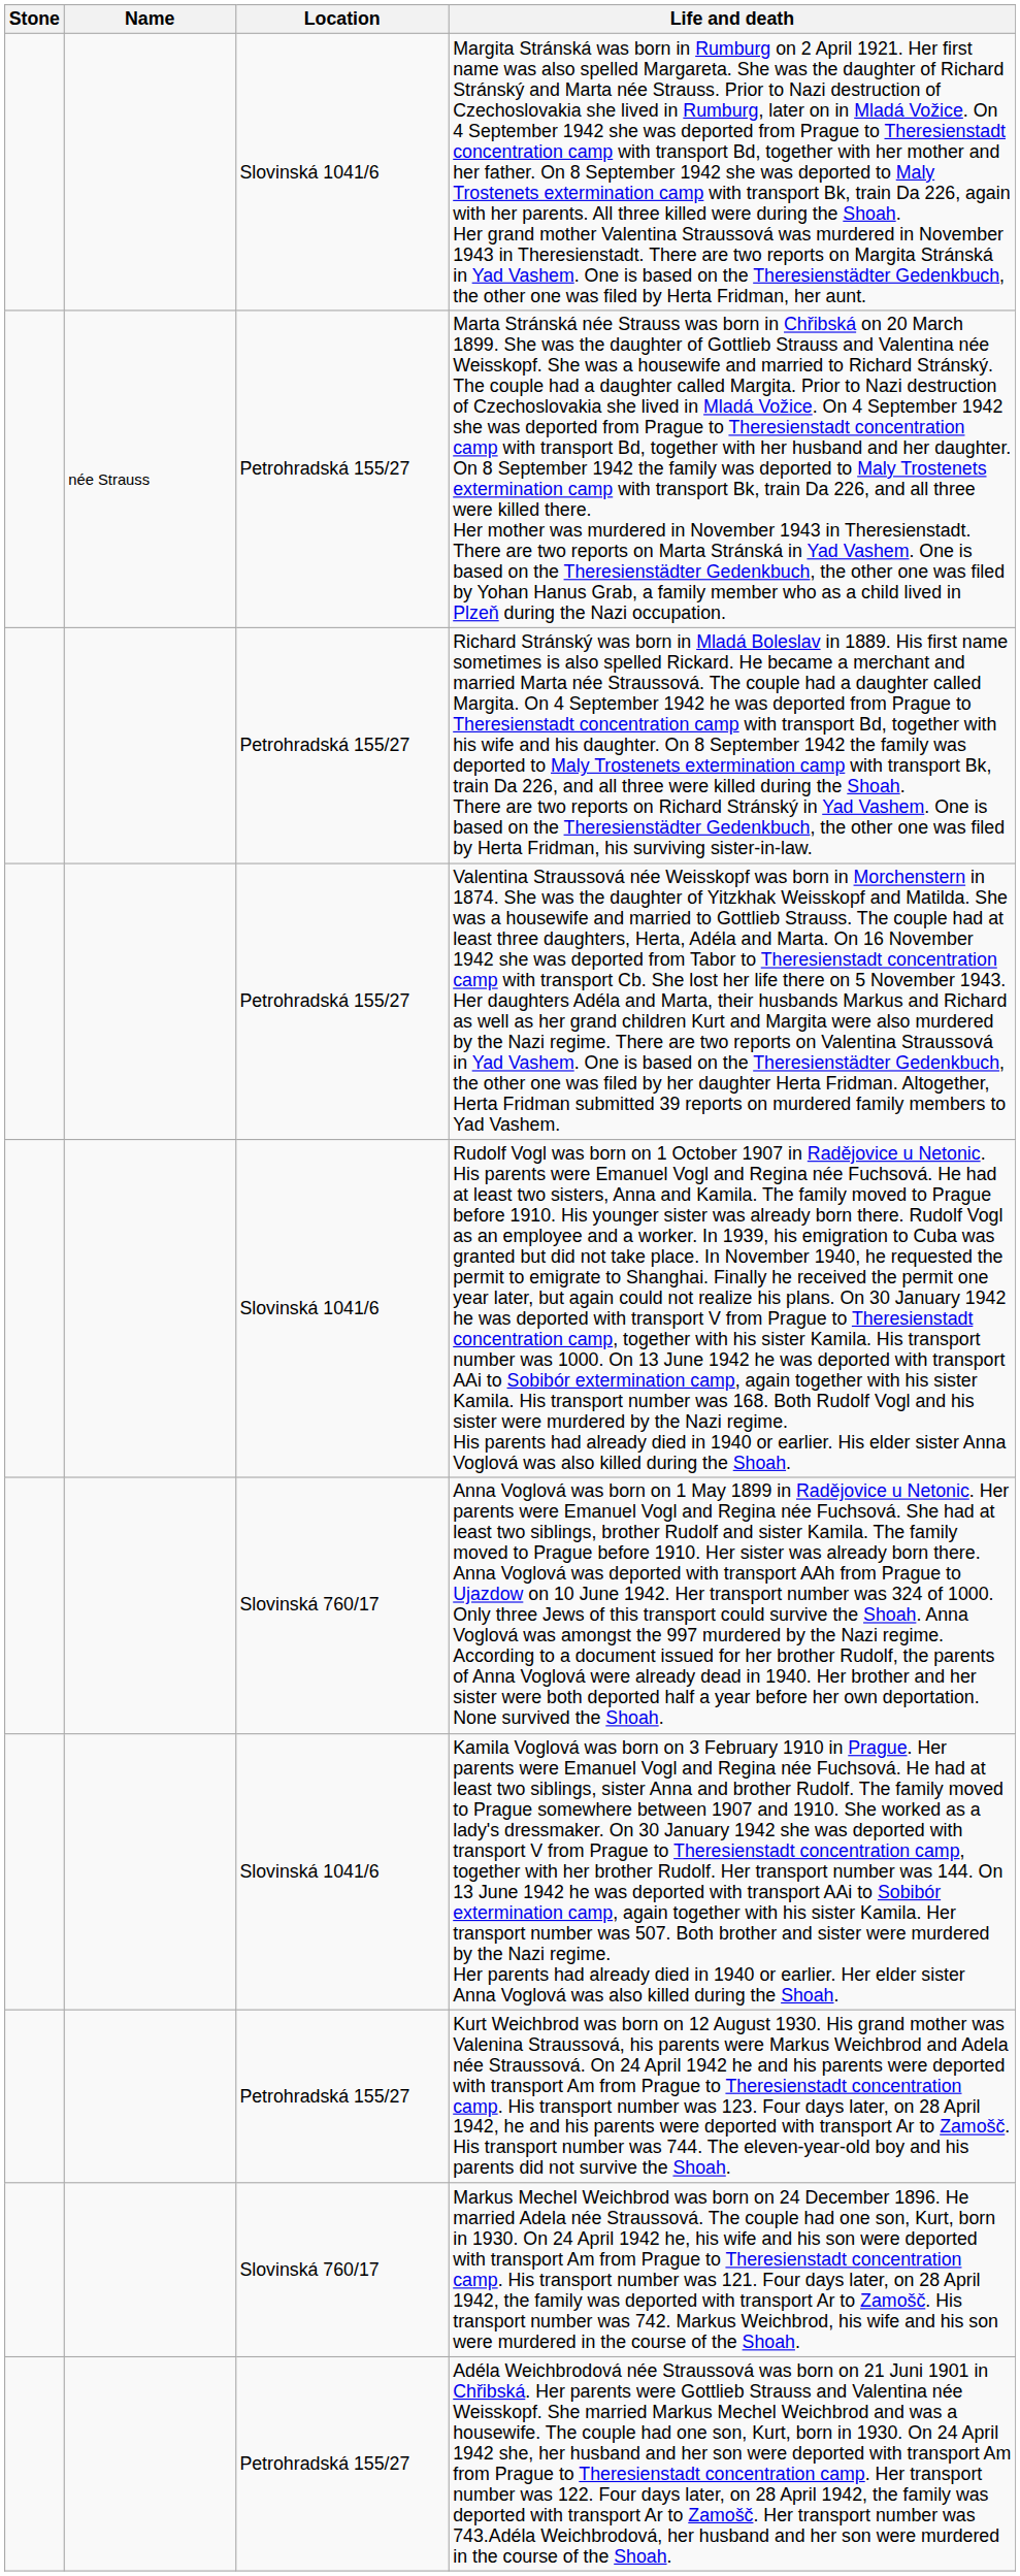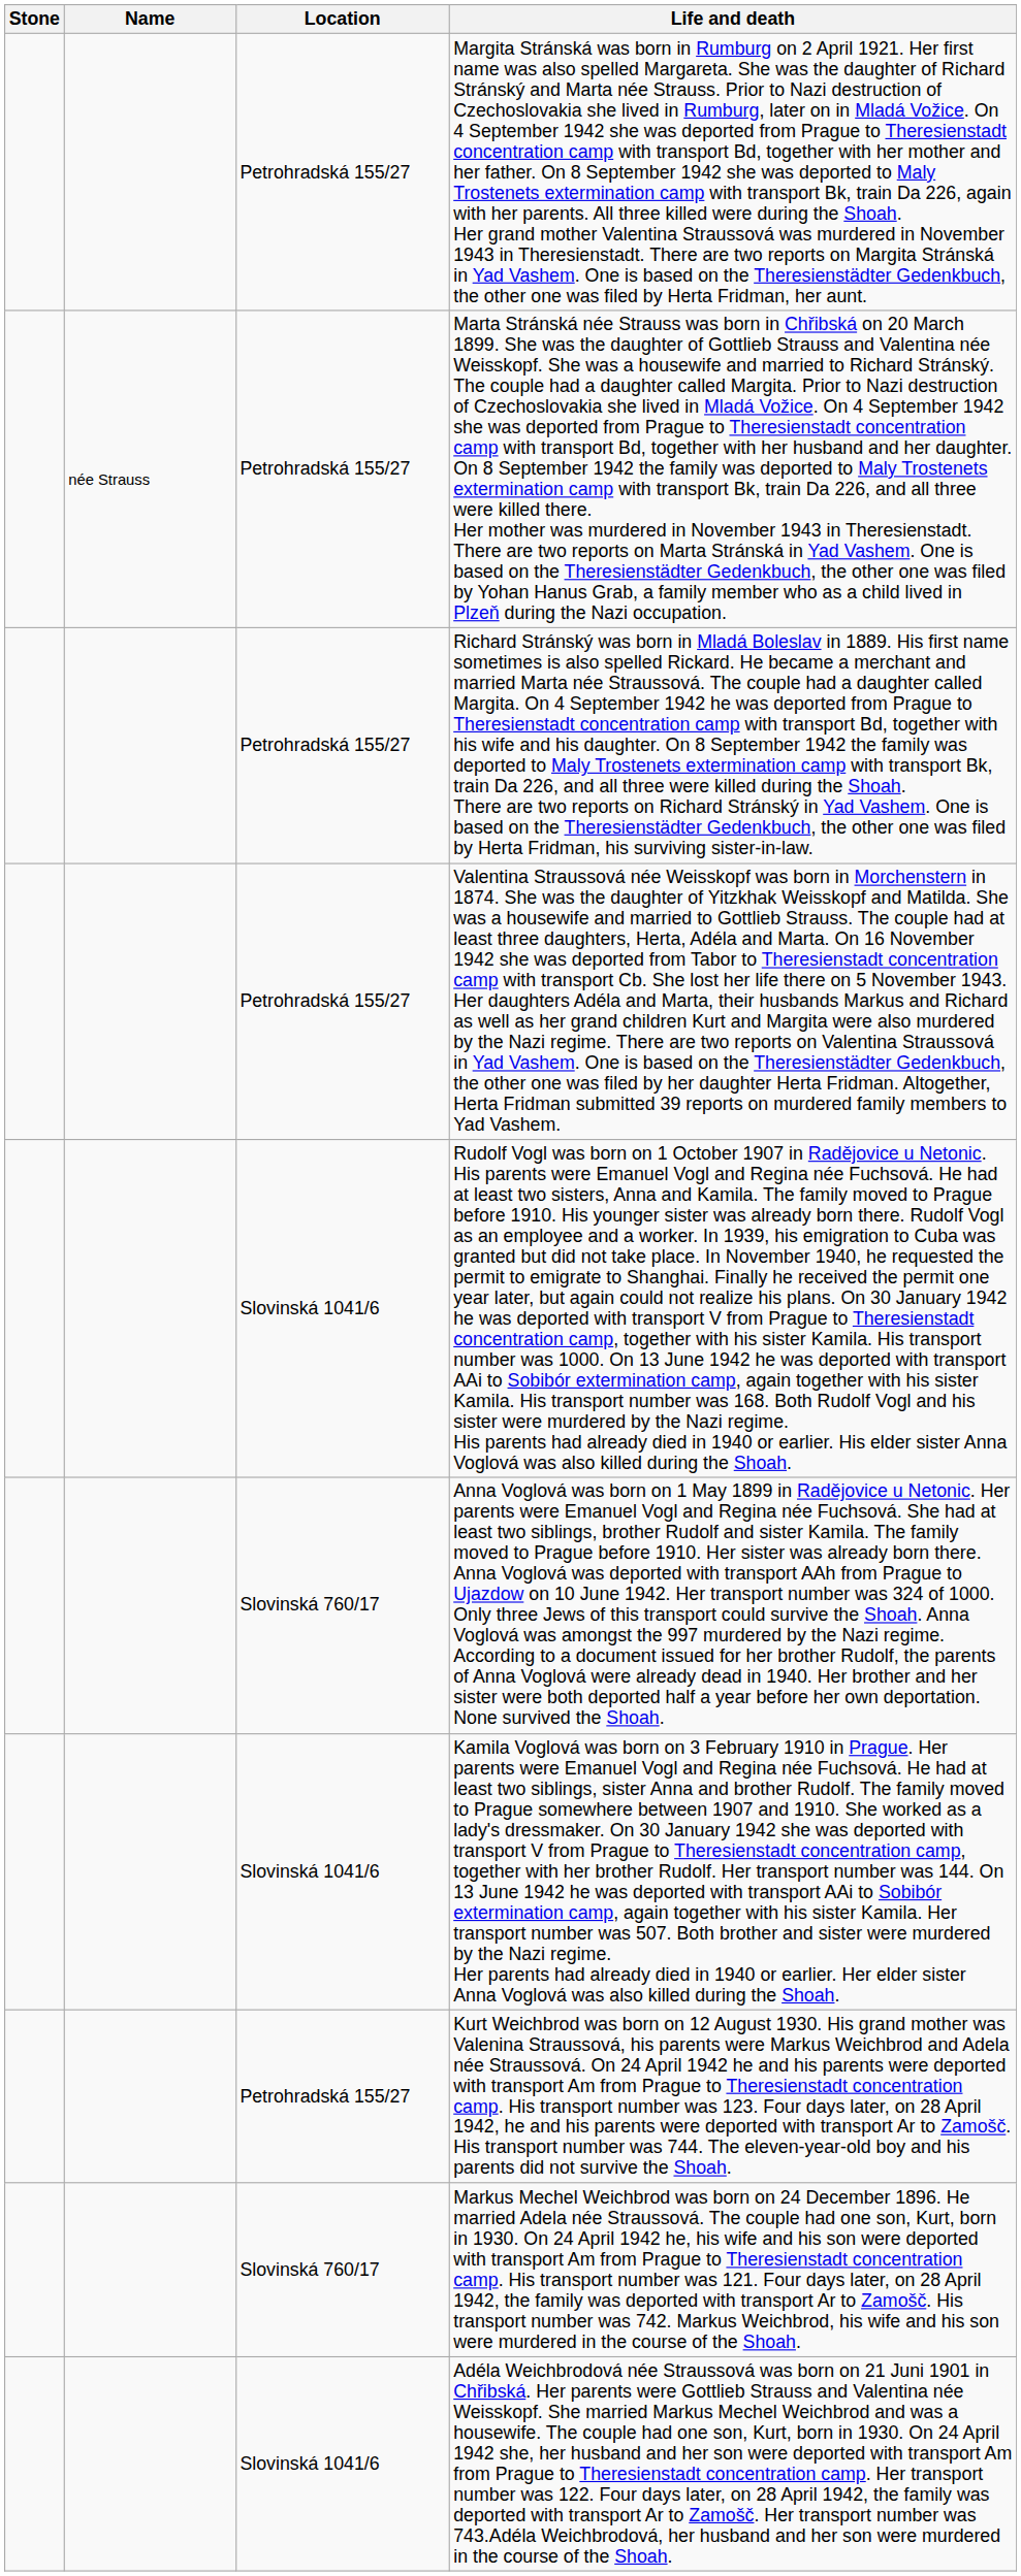 <table class="wikitable sortable toptextcells" style="width:100%">
 <tr>
 <th class="hintergrundfarbe6 unsortable" width="120px">Stone</th>
 <th class="hintergrundfarbe6" style ="width:18%;">Name</th>
 <th class="hintergrundfarbe6" data-sort-type="text" style ="width:22%;">Location</th>
 <th class="hintergrundfarbe6 unsortable" style="width:100%;">Life and death</th>
 </tr>
 <tr>
 <td></td>
 <td></td>
-<td>Slovinská 1041/6<br></td>
+<td>Petrohradská 155/27<br></td>
 <td>Margita Stránská was born in <a href='#'>Rumburg</a> on 2 April 1921. Her first name was also spelled Margareta. She was the daughter of Richard Stránský and Marta née Strauss. Prior to Nazi destruction of Czechoslovakia she lived in <a href='#'>Rumburg</a>, later on in <a href='#'>Mladá Vožice</a>. On 4 September 1942 she was deported from Prague to <a href='#'>Theresienstadt concentration camp</a> with transport Bd, together with her mother and her father. On 8 September 1942 she was deported to <a href='#'>Maly Trostenets extermination camp</a> with transport Bk, train Da 226, again with her parents. All three killed were during the <a href='#'>Shoah</a>.<br>Her grand mother Valentina Straussová was murdered in November 1943 in Theresienstadt. There are two reports on Margita Stránská in <a href='#'>Yad Vashem</a>. One is based on the <a href='#'>Theresienstädter Gedenkbuch</a>, the other one was filed by Herta Fridman, her aunt.</td>
 </tr>
 <tr>
 <td></td>
 <td><br><small>née Strauss</small></td>
 <td>Petrohradská 155/27<br></td>
 <td>Marta Stránská née Strauss was born in <a href='#'>Chřibská</a> on 20 March 1899. She was the daughter of Gottlieb Strauss and Valentina née Weisskopf. She was a housewife and married to Richard Stránský. The couple had a daughter called Margita. Prior to Nazi destruction of Czechoslovakia she lived in <a href='#'>Mladá Vožice</a>. On 4 September 1942 she was deported from Prague to <a href='#'>Theresienstadt concentration camp</a> with transport Bd, together with her husband and her daughter. On 8 September 1942 the family was deported to <a href='#'>Maly Trostenets extermination camp</a> with transport Bk, train Da 226, and all three were killed there.<br>Her mother was murdered in November 1943 in Theresienstadt. There are two reports on Marta Stránská in <a href='#'>Yad Vashem</a>. One is based on the <a href='#'>Theresienstädter Gedenkbuch</a>, the other one was filed by Yohan Hanus Grab, a family member who as a child lived in <a href='#'>Plzeň</a> during the Nazi occupation.</td>
 </tr>
 <tr>
 <td></td>
 <td></td>
 <td>Petrohradská 155/27<br></td>
 <td>Richard Stránský was born in <a href='#'>Mladá Boleslav</a> in 1889. His first name sometimes is also spelled Rickard. He became a merchant and married Marta née Straussová. The couple had a daughter called Margita. On 4 September 1942 he was deported from Prague to <a href='#'>Theresienstadt concentration camp</a> with transport Bd, together with his wife and his daughter. On 8 September 1942 the family was deported to <a href='#'>Maly Trostenets extermination camp</a> with transport Bk, train Da 226, and all three were killed during the <a href='#'>Shoah</a>.<br>There are two reports on Richard Stránský in <a href='#'>Yad Vashem</a>. One is based on the <a href='#'>Theresienstädter Gedenkbuch</a>, the other one was filed by Herta Fridman, his surviving sister-in-law.</td>
 </tr>
 <tr>
 <td></td>
 <td></td>
 <td>Petrohradská 155/27<br></td>
 <td>Valentina Straussová née Weisskopf was born in <a href='#'>Morchenstern</a> in 1874. She was the daughter of Yitzkhak Weisskopf and Matilda. She was a housewife and married to Gottlieb Strauss. The couple had at least three daughters, Herta, Adéla and Marta. On 16 November 1942 she was deported from Tabor to <a href='#'>Theresienstadt concentration camp</a> with transport Cb. She lost her life there on 5 November 1943.<br>Her daughters Adéla and Marta, their husbands Markus and Richard as well as her grand children Kurt and Margita were also murdered by the Nazi regime. There are two reports on Valentina Straussová in <a href='#'>Yad Vashem</a>. One is based on the <a href='#'>Theresienstädter Gedenkbuch</a>, the other one was filed by her daughter Herta Fridman. Altogether, Herta Fridman submitted 39 reports on murdered family members to Yad Vashem.</td>
 </tr>
 <tr>
 <td></td>
 <td></td>
 <td>Slovinská 1041/6<br></td>
 <td>Rudolf Vogl was born on 1 October 1907 in <a href='#'>Radějovice u Netonic</a>. His parents were Emanuel Vogl and Regina née Fuchsová. He had at least two sisters, Anna and Kamila. The family moved to Prague before 1910. His younger sister was already born there. Rudolf Vogl as an employee and a worker. In 1939, his emigration to Cuba was granted but did not take place. In November 1940, he requested the permit to emigrate to Shanghai. Finally he received the permit one year later, but again could not realize his plans. On 30 January 1942 he was deported with transport V from Prague to <a href='#'>Theresienstadt concentration camp</a>, together with his sister Kamila. His transport number was 1000. On 13 June 1942 he was deported with transport AAi to <a href='#'>Sobibór extermination camp</a>, again together with his sister Kamila. His transport number was 168. Both Rudolf Vogl and his sister were murdered by the Nazi regime.<br>His parents had already died in 1940 or earlier. His elder sister Anna Voglová was also killed during the <a href='#'>Shoah</a>.</td>
 </tr>
 <tr>
 <td></td>
 <td></td>
 <td>Slovinská 760/17<br></td>
 <td>Anna Voglová was born on 1 May 1899 in <a href='#'>Radějovice u Netonic</a>. Her parents were Emanuel Vogl and Regina née Fuchsová. She had at least two siblings, brother Rudolf and sister Kamila. The family moved to Prague before 1910. Her sister was already born there. Anna Voglová was deported with transport AAh from Prague to <a href='#'>Ujazdow</a> on 10 June 1942. Her transport number was 324 of 1000. Only three Jews of this transport could survive the <a href='#'>Shoah</a>. Anna Voglová was amongst the 997 murdered by the Nazi regime.<br>According to a document issued for her brother Rudolf, the parents of Anna Voglová were already dead in 1940. Her brother and her sister were both deported half a year before her own deportation. None survived the <a href='#'>Shoah</a>.</td>
 </tr>
 <tr>
 <td></td>
 <td></td>
 <td>Slovinská 1041/6<br></td>
 <td>Kamila Voglová was born on 3 February 1910 in <a href='#'>Prague</a>. Her parents were Emanuel Vogl and Regina née Fuchsová. He had at least two siblings, sister Anna and brother Rudolf. The family moved to Prague somewhere between 1907 and 1910. She worked as a lady's dressmaker. On 30 January 1942 she was deported with transport V from Prague to <a href='#'>Theresienstadt concentration camp</a>, together with her brother Rudolf. Her transport number was 144. On 13 June 1942 he was deported with transport AAi to <a href='#'>Sobibór extermination camp</a>, again together with his sister Kamila. Her transport number was 507. Both brother and sister were murdered by the Nazi regime.<br>Her parents had already died in 1940 or earlier. Her elder sister Anna Voglová was also killed during the <a href='#'>Shoah</a>.</td>
 </tr>
 <tr>
 <td></td>
 <td></td>
 <td>Petrohradská 155/27<br></td>
 <td>Kurt Weichbrod was born on 12 August 1930. His grand mother was Valenina Straussová, his parents were Markus Weichbrod and Adela née Straussová. On 24 April 1942 he and his parents were deported with transport Am from Prague to <a href='#'>Theresienstadt concentration camp</a>. His transport number was 123. Four days later, on 28 April 1942, he and his parents were deported with transport Ar to <a href='#'>Zamošč</a>. His transport number was 744. The eleven-year-old boy and his parents did not survive the <a href='#'>Shoah</a>.</td>
 </tr>
 <tr>
 <td></td>
 <td></td>
 <td>Slovinská 760/17<br></td>
 <td>Markus Mechel Weichbrod was born on 24 December 1896. He married Adela née Straussová. The couple had one son, Kurt, born in 1930. On 24 April 1942 he, his wife and his son were deported with transport Am from Prague to <a href='#'>Theresienstadt concentration camp</a>. His transport number was 121. Four days later, on 28 April 1942, the family was deported with transport Ar to <a href='#'>Zamošč</a>. His transport number was 742. Markus Weichbrod, his wife and his son were murdered in the course of the <a href='#'>Shoah</a>.</td>
 </tr>
 <tr>
 <td></td>
 <td></td>
-<td>Petrohradská 155/27<br></td>
+<td>Slovinská 1041/6<br></td>
 <td>Adéla Weichbrodová née Straussová was born on 21 Juni 1901 in <a href='#'>Chřibská</a>. Her parents were Gottlieb Strauss and Valentina née Weisskopf. She married Markus Mechel Weichbrod and was a housewife. The couple had one son, Kurt, born in 1930. On 24 April 1942 she, her husband and her son were deported with transport Am from Prague to <a href='#'>Theresienstadt concentration camp</a>. Her transport number was 122. Four days later, on 28 April 1942, the family was deported with transport Ar to <a href='#'>Zamošč</a>. Her transport number was 743.Adéla Weichbrodová, her husband and her son were murdered in the course of the <a href='#'>Shoah</a>.</td>
 </tr>
 </table>
